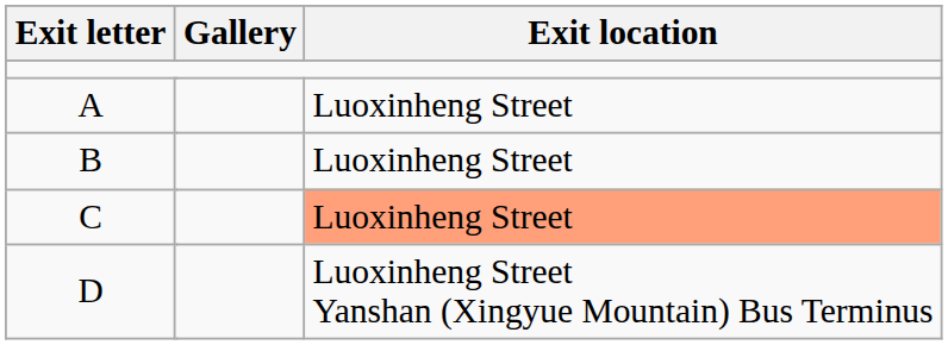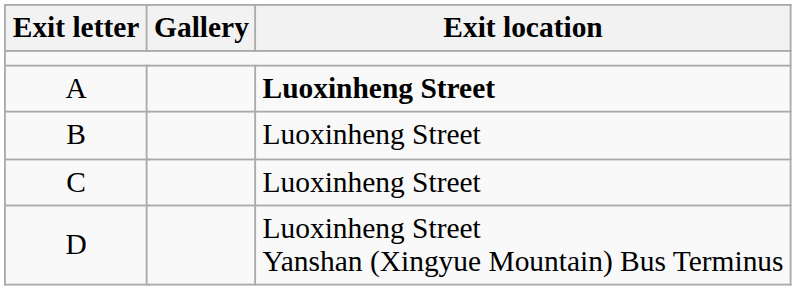 <table class="wikitable">
 <tr>
 <th colspan=2 style="width:70px">Exit letter</th>
 <th>Gallery</th>
 <th>Exit location</th>
 </tr>
 <tr style="background:#">
 <td colspan = "5"></td>
 </tr>
 <tr>
 <td colspan=2 align=center>A</td>
 <td></td>
-<td>Luoxinheng Street</td>
+<td><strong>Luoxinheng Street</strong></td>
 </tr>
 <tr>
 <td colspan=2 align=center>B</td>
 <td></td>
 <td>Luoxinheng Street</td>
 </tr>
 <tr>
 <td colspan=2 align=center>C</td>
 <td></td>
-<td style="background: lightsalmon;">Luoxinheng Street</td>
+<td>Luoxinheng Street</td>
 </tr>
 <tr>
 <td colspan=2 align=center>D</td>
 <td></td>
 <td>Luoxinheng Street<br>Yanshan (Xingyue Mountain) Bus Terminus</td>
 </tr>
 </table>
